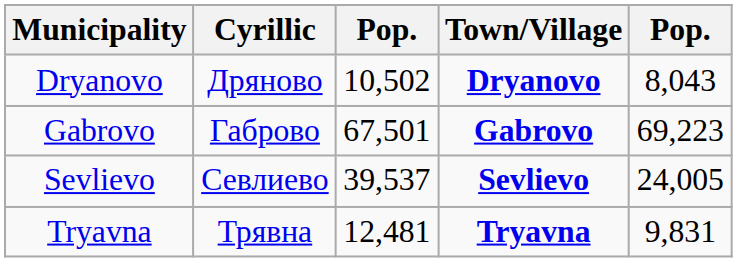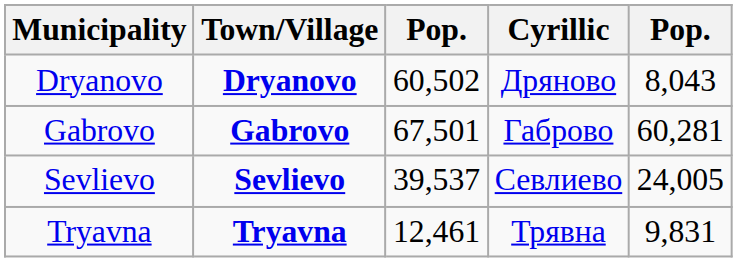 <table class="wikitable sortable">
 <tr>
 <th>Municipality</th>
+<th>Town/Village</th>
+<th>Pop.</th>
 <th>Cyrillic</th>
-<th>Pop.</th>
-<th>Town/Village</th>
 <th>Pop.</th>
 </tr>
 <tr>
 <td align="center"><a href='#'>Dryanovo</a></td>
+<td align="center"><strong><a href='#'>Dryanovo</a></strong></td>
+<td align="center">60,502</td>
 <td align="center"><a href='#'>Дряново</a></td>
-<td align="center">10,502</td>
-<td align="center"><strong><a href='#'>Dryanovo</a></strong></td>
 <td align="center">8,043</td>
 </tr>
 <tr>
 <td align="center"><a href='#'>Gabrovo</a></td>
+<td align="center"><strong><a href='#'>Gabrovo</a></strong></td>
+<td align="center">67,501</td>
 <td align="center"><a href='#'>Габрово</a></td>
-<td align="center">67,501</td>
-<td align="center"><strong><a href='#'>Gabrovo</a></strong></td>
-<td align="center">69,223</td>
+<td align="center">60,281</td>
 </tr>
 <tr>
 <td align="center"><a href='#'>Sevlievo</a></td>
+<td align="center"><strong><a href='#'>Sevlievo</a></strong></td>
+<td align="center">39,537</td>
 <td align="center"><a href='#'>Севлиево</a></td>
-<td align="center">39,537</td>
-<td align="center"><strong><a href='#'>Sevlievo</a></strong></td>
 <td align="center">24,005</td>
 </tr>
 <tr>
 <td align="center"><a href='#'>Tryavna</a></td>
+<td align="center"><strong><a href='#'>Tryavna</a></strong></td>
+<td align="center">12,461</td>
 <td align="center"><a href='#'>Трявна</a></td>
-<td align="center">12,481</td>
-<td align="center"><strong><a href='#'>Tryavna</a></strong></td>
 <td align="center">9,831</td>
 </tr>
 </table>
